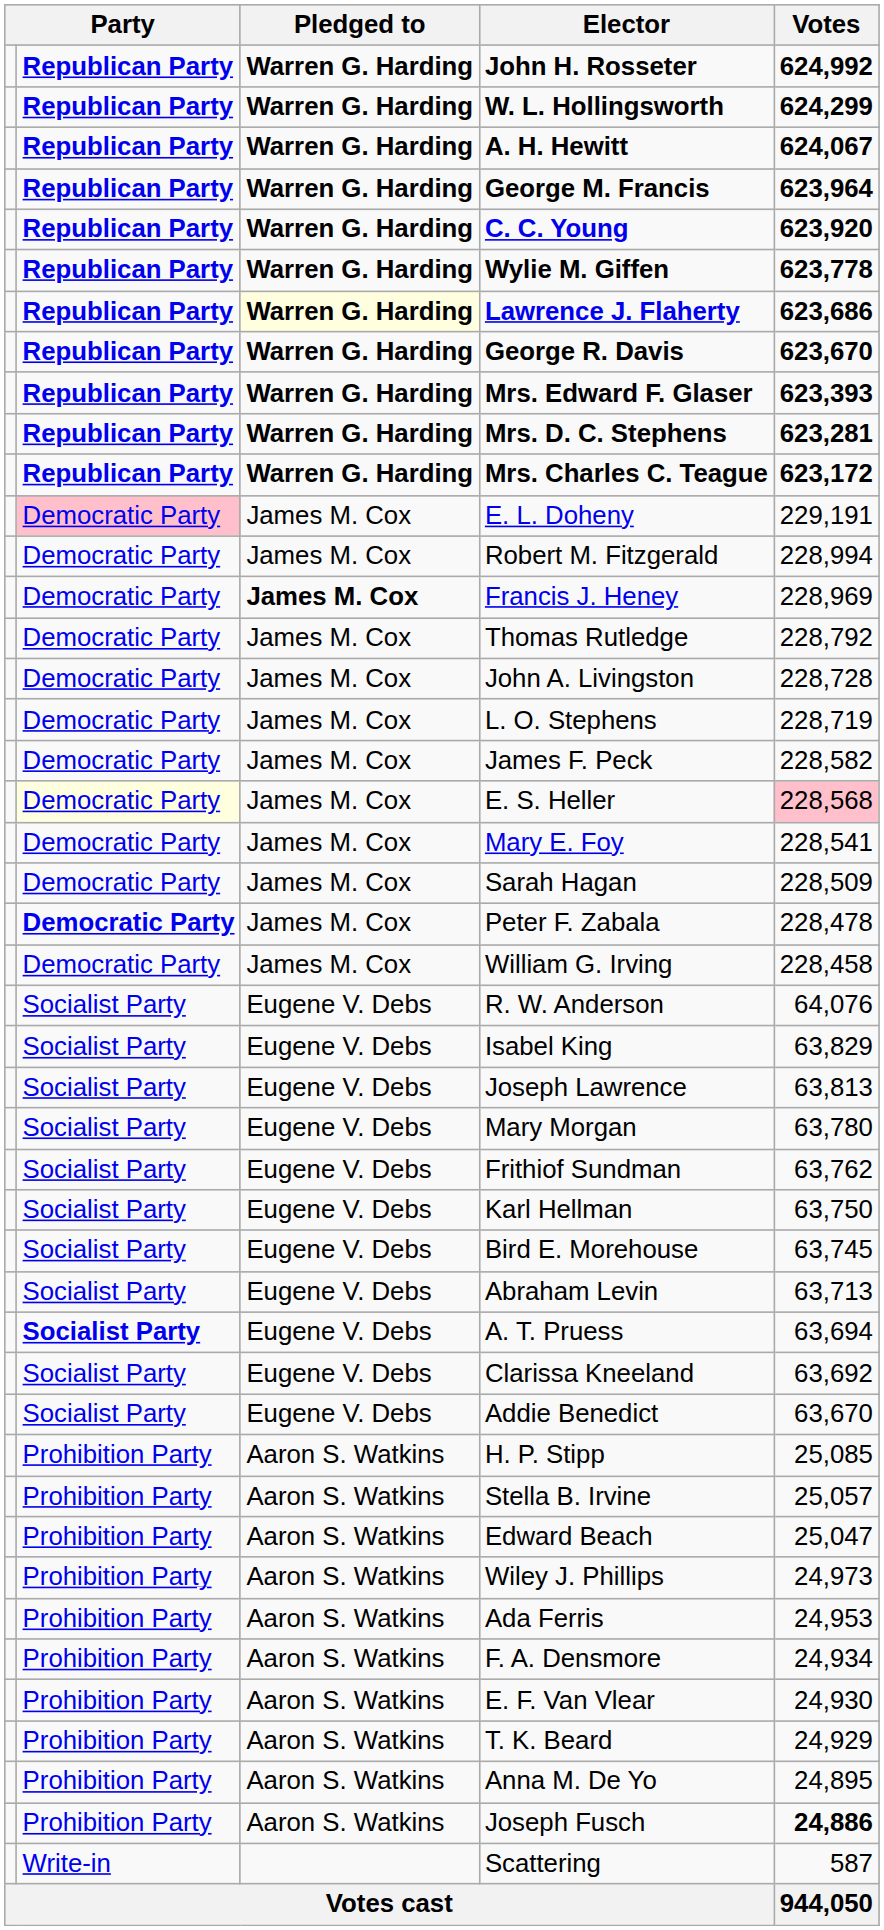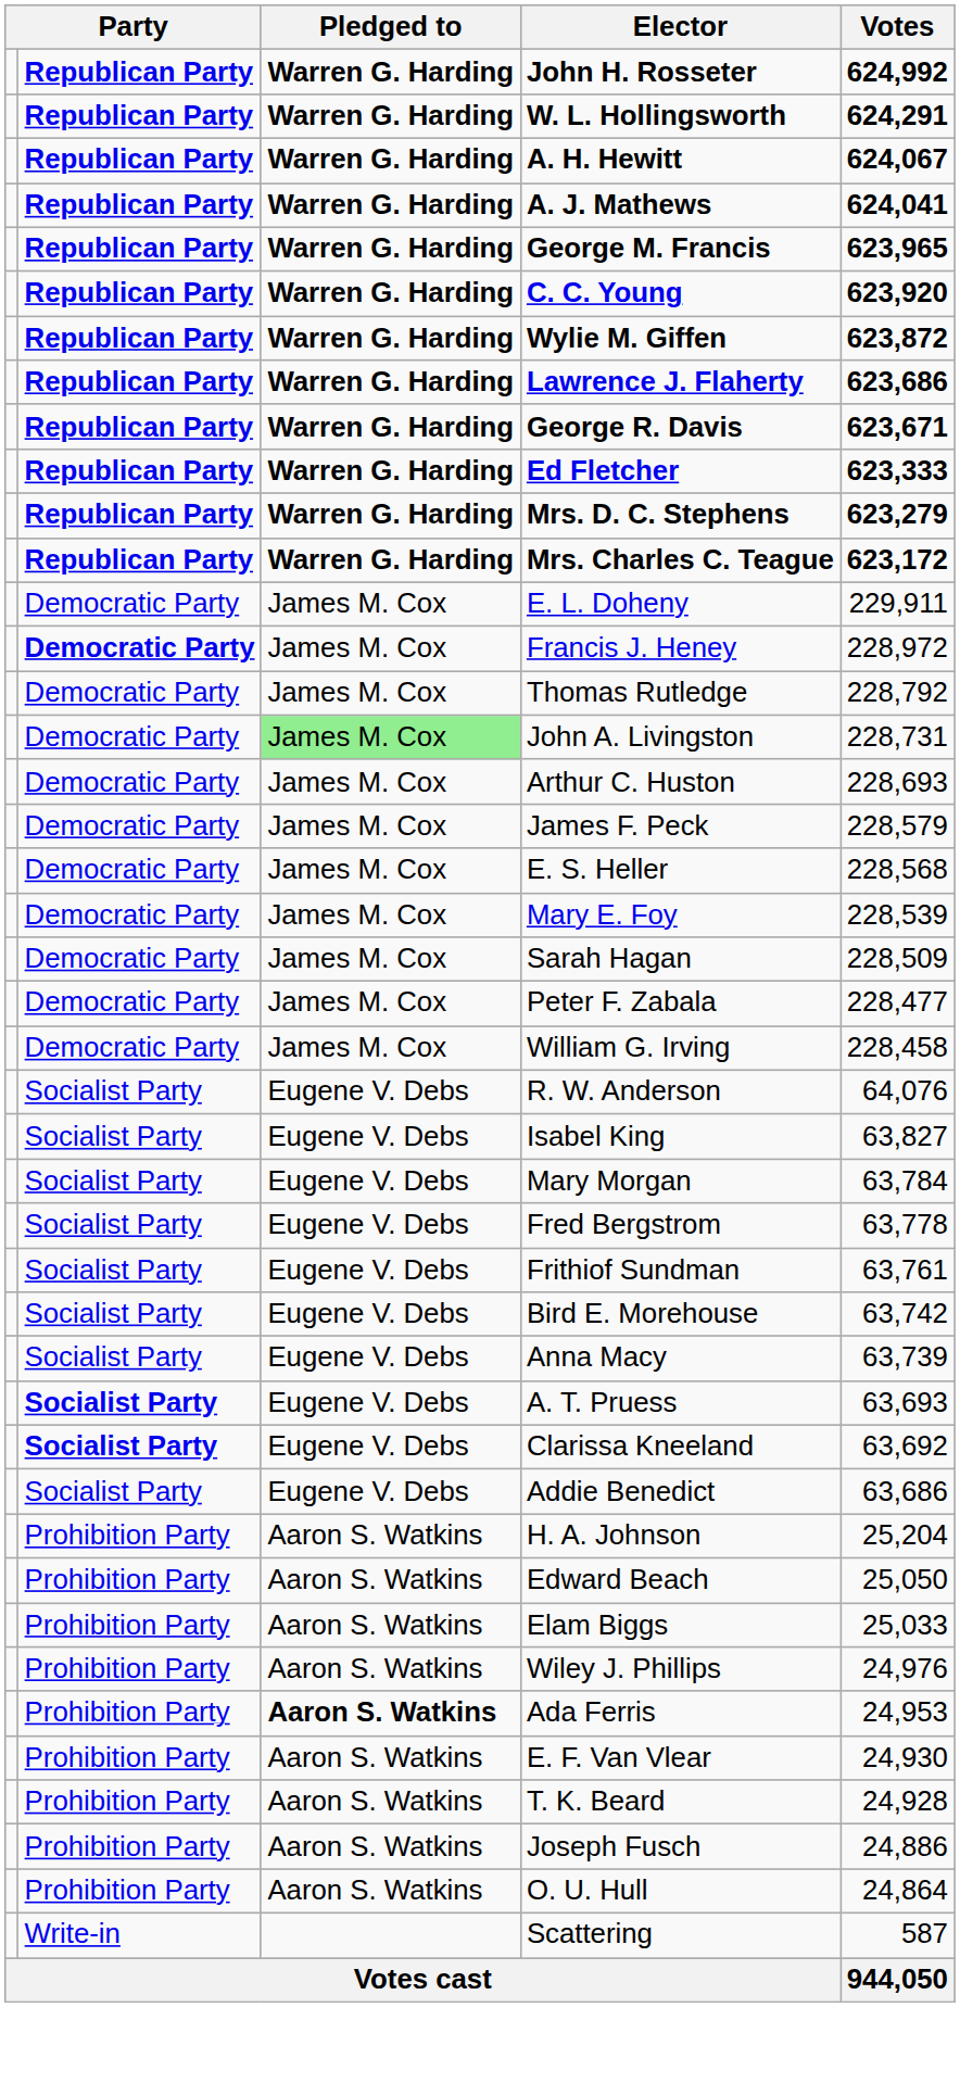 <table class="wikitable">
 <tr>
 <th colspan=2>Party</th>
 <th>Pledged to</th>
 <th>Elector</th>
 <th>Votes</th>
 </tr>
 <tr style="font-weight:bold">
 <td></td>
 <td><a href='#'>Republican Party</a></td>
 <td>Warren G. Harding</td>
 <td>John H. Rosseter</td>
 <td align="right">624,992</td>
 </tr>
 <tr style="font-weight:bold">
 <td></td>
 <td><a href='#'>Republican Party</a></td>
 <td>Warren G. Harding</td>
 <td>W. L. Hollingsworth</td>
-<td align="right">624,299</td>
+<td align="right">624,291</td>
 </tr>
 <tr style="font-weight:bold">
 <td></td>
 <td><a href='#'>Republican Party</a></td>
 <td>Warren G. Harding</td>
 <td>A. H. Hewitt</td>
 <td align="right">624,067</td>
 </tr>
 <tr style="font-weight:bold">
 <td></td>
 <td><a href='#'>Republican Party</a></td>
 <td>Warren G. Harding</td>
+<td>A. J. Mathews</td>
+<td align="right">624,041</td>
+</tr>
+<tr style="font-weight:bold">
+<td></td>
+<td><a href='#'>Republican Party</a></td>
+<td>Warren G. Harding</td>
 <td>George M. Francis</td>
-<td align="right">623,964</td>
+<td align="right">623,965</td>
 </tr>
 <tr style="font-weight:bold">
 <td></td>
 <td><a href='#'>Republican Party</a></td>
 <td>Warren G. Harding</td>
 <td><a href='#'>C. C. Young</a></td>
 <td align="right">623,920</td>
 </tr>
 <tr style="font-weight:bold">
 <td></td>
 <td><a href='#'>Republican Party</a></td>
 <td>Warren G. Harding</td>
 <td>Wylie M. Giffen</td>
-<td align="right">623,778</td>
+<td align="right">623,872</td>
 </tr>
 <tr style="font-weight:bold">
 <td></td>
 <td><a href='#'>Republican Party</a></td>
-<td style="background: lightyellow;">Warren G. Harding</td>
+<td>Warren G. Harding</td>
 <td><a href='#'>Lawrence J. Flaherty</a></td>
 <td align="right">623,686</td>
 </tr>
 <tr style="font-weight:bold">
 <td></td>
 <td><a href='#'>Republican Party</a></td>
 <td>Warren G. Harding</td>
 <td>George R. Davis</td>
-<td align="right">623,670</td>
+<td align="right">623,671</td>
 </tr>
 <tr style="font-weight:bold">
 <td></td>
 <td><a href='#'>Republican Party</a></td>
 <td>Warren G. Harding</td>
-<td>Mrs. Edward F. Glaser</td>
-<td align="right">623,393</td>
+<td><a href='#'>Ed Fletcher</a></td>
+<td align="right">623,333</td>
 </tr>
 <tr style="font-weight:bold">
 <td></td>
 <td><a href='#'>Republican Party</a></td>
 <td>Warren G. Harding</td>
 <td>Mrs. D. C. Stephens</td>
-<td align="right">623,281</td>
+<td align="right">623,279</td>
 </tr>
 <tr style="font-weight:bold">
 <td></td>
 <td><a href='#'>Republican Party</a></td>
 <td>Warren G. Harding</td>
 <td>Mrs. Charles C. Teague</td>
 <td align="right">623,172</td>
 </tr>
 <tr>
 <td bgcolor=></td>
-<td style="background: pink;"><a href='#'>Democratic Party</a></td>
+<td><a href='#'>Democratic Party</a></td>
 <td>James M. Cox</td>
 <td><a href='#'>E. L. Doheny</a></td>
-<td align=right>229,191</td>
+<td align=right>229,911</td>
 </tr>
 <tr>
 <td bgcolor=></td>
-<td><a href='#'>Democratic Party</a></td>
+<td><strong><a href='#'>Democratic Party</a></strong></td>
 <td>James M. Cox</td>
-<td>Robert M. Fitzgerald</td>
-<td align=right>228,994</td>
-</tr>
-<tr>
-<td bgcolor=></td>
-<td><a href='#'>Democratic Party</a></td>
-<td><strong>James M. Cox</strong></td>
 <td><a href='#'>Francis J. Heney</a></td>
-<td align=right>228,969</td>
+<td align=right>228,972</td>
 </tr>
 <tr>
 <td bgcolor=></td>
 <td><a href='#'>Democratic Party</a></td>
 <td>James M. Cox</td>
 <td>Thomas Rutledge</td>
 <td align=right>228,792</td>
 </tr>
 <tr>
 <td bgcolor=></td>
 <td><a href='#'>Democratic Party</a></td>
-<td>James M. Cox</td>
+<td style="background: lightgreen;">James M. Cox</td>
 <td>John A. Livingston</td>
-<td align=right>228,728</td>
+<td align=right>228,731</td>
 </tr>
 <tr>
 <td bgcolor=></td>
 <td><a href='#'>Democratic Party</a></td>
 <td>James M. Cox</td>
-<td>L. O. Stephens</td>
-<td align=right>228,719</td>
+<td>Arthur C. Huston</td>
+<td align=right>228,693</td>
 </tr>
 <tr>
 <td bgcolor=></td>
 <td><a href='#'>Democratic Party</a></td>
 <td>James M. Cox</td>
 <td>James F. Peck</td>
-<td align=right>228,582</td>
+<td align=right>228,579</td>
 </tr>
 <tr>
 <td bgcolor=></td>
-<td style="background: lightyellow;"><a href='#'>Democratic Party</a></td>
+<td><a href='#'>Democratic Party</a></td>
 <td>James M. Cox</td>
 <td>E. S. Heller</td>
-<td align=right style="background: pink;">228,568</td>
+<td align=right>228,568</td>
 </tr>
 <tr>
 <td bgcolor=></td>
 <td><a href='#'>Democratic Party</a></td>
 <td>James M. Cox</td>
 <td><a href='#'>Mary E. Foy</a></td>
-<td align=right>228,541</td>
+<td align=right>228,539</td>
 </tr>
 <tr>
 <td bgcolor=></td>
 <td><a href='#'>Democratic Party</a></td>
 <td>James M. Cox</td>
 <td>Sarah Hagan</td>
 <td align=right>228,509</td>
 </tr>
 <tr>
 <td bgcolor=></td>
-<td><strong><a href='#'>Democratic Party</a></strong></td>
+<td><a href='#'>Democratic Party</a></td>
 <td>James M. Cox</td>
 <td>Peter F. Zabala</td>
-<td align=right>228,478</td>
+<td align=right>228,477</td>
 </tr>
 <tr>
 <td bgcolor=></td>
 <td><a href='#'>Democratic Party</a></td>
 <td>James M. Cox</td>
 <td>William G. Irving</td>
 <td align=right>228,458</td>
 </tr>
 <tr>
 <td bgcolor=></td>
 <td><a href='#'>Socialist Party</a></td>
 <td>Eugene V. Debs</td>
 <td>R. W. Anderson</td>
 <td align="right">64,076</td>
 </tr>
 <tr>
 <td bgcolor=></td>
 <td><a href='#'>Socialist Party</a></td>
 <td>Eugene V. Debs</td>
 <td>Isabel King</td>
-<td align="right">63,829</td>
-</tr>
-<tr>
-<td bgcolor=></td>
-<td><a href='#'>Socialist Party</a></td>
-<td>Eugene V. Debs</td>
-<td>Joseph Lawrence</td>
-<td align="right">63,813</td>
+<td align="right">63,827</td>
 </tr>
 <tr>
 <td bgcolor=></td>
 <td><a href='#'>Socialist Party</a></td>
 <td>Eugene V. Debs</td>
 <td>Mary Morgan</td>
-<td align="right">63,780</td>
+<td align="right">63,784</td>
+</tr>
+<tr>
+<td bgcolor=></td>
+<td><a href='#'>Socialist Party</a></td>
+<td>Eugene V. Debs</td>
+<td>Fred Bergstrom</td>
+<td align="right">63,778</td>
 </tr>
 <tr>
 <td bgcolor=></td>
 <td><a href='#'>Socialist Party</a></td>
 <td>Eugene V. Debs</td>
 <td>Frithiof Sundman</td>
-<td align="right">63,762</td>
-</tr>
-<tr>
-<td bgcolor=></td>
-<td><a href='#'>Socialist Party</a></td>
-<td>Eugene V. Debs</td>
-<td>Karl Hellman</td>
-<td align="right">63,750</td>
+<td align="right">63,761</td>
 </tr>
 <tr>
 <td bgcolor=></td>
 <td><a href='#'>Socialist Party</a></td>
 <td>Eugene V. Debs</td>
 <td>Bird E. Morehouse</td>
-<td align="right">63,745</td>
+<td align="right">63,742</td>
 </tr>
 <tr>
 <td bgcolor=></td>
 <td><a href='#'>Socialist Party</a></td>
 <td>Eugene V. Debs</td>
-<td>Abraham Levin</td>
-<td align="right">63,713</td>
+<td>Anna Macy</td>
+<td align="right">63,739</td>
 </tr>
 <tr>
 <td bgcolor=></td>
 <td><strong><a href='#'>Socialist Party</a></strong></td>
 <td>Eugene V. Debs</td>
 <td>A. T. Pruess</td>
-<td align="right">63,694</td>
+<td align="right">63,693</td>
 </tr>
 <tr>
 <td bgcolor=></td>
-<td><a href='#'>Socialist Party</a></td>
+<td><strong><a href='#'>Socialist Party</a></strong></td>
 <td>Eugene V. Debs</td>
 <td>Clarissa Kneeland</td>
 <td align="right">63,692</td>
 </tr>
 <tr>
 <td bgcolor=></td>
 <td><a href='#'>Socialist Party</a></td>
 <td>Eugene V. Debs</td>
 <td>Addie Benedict</td>
-<td align="right">63,670</td>
+<td align="right">63,686</td>
 </tr>
 <tr>
 <td></td>
 <td><a href='#'>Prohibition Party</a></td>
 <td>Aaron S. Watkins</td>
-<td>H. P. Stipp</td>
-<td align="right">25,085</td>
-</tr>
-<tr>
-<td></td>
-<td><a href='#'>Prohibition Party</a></td>
-<td>Aaron S. Watkins</td>
-<td>Stella B. Irvine</td>
-<td align="right">25,057</td>
+<td>H. A. Johnson</td>
+<td align="right">25,204</td>
 </tr>
 <tr>
 <td></td>
 <td><a href='#'>Prohibition Party</a></td>
 <td>Aaron S. Watkins</td>
 <td>Edward Beach</td>
-<td align="right">25,047</td>
+<td align="right">25,050</td>
+</tr>
+<tr>
+<td></td>
+<td><a href='#'>Prohibition Party</a></td>
+<td>Aaron S. Watkins</td>
+<td>Elam Biggs</td>
+<td align="right">25,033</td>
 </tr>
 <tr>
 <td></td>
 <td><a href='#'>Prohibition Party</a></td>
 <td>Aaron S. Watkins</td>
 <td>Wiley J. Phillips</td>
-<td align="right">24,973</td>
+<td align="right">24,976</td>
 </tr>
 <tr>
 <td></td>
 <td><a href='#'>Prohibition Party</a></td>
-<td>Aaron S. Watkins</td>
+<td><strong>Aaron S. Watkins</strong></td>
 <td>Ada Ferris</td>
 <td align="right">24,953</td>
-</tr>
-<tr>
-<td></td>
-<td><a href='#'>Prohibition Party</a></td>
-<td>Aaron S. Watkins</td>
-<td>F. A. Densmore</td>
-<td align="right">24,934</td>
 </tr>
 <tr>
 <td></td>
 <td><a href='#'>Prohibition Party</a></td>
 <td>Aaron S. Watkins</td>
 <td>E. F. Van Vlear</td>
 <td align="right">24,930</td>
 </tr>
 <tr>
 <td></td>
 <td><a href='#'>Prohibition Party</a></td>
 <td>Aaron S. Watkins</td>
 <td>T. K. Beard</td>
-<td align="right">24,929</td>
-</tr>
-<tr>
-<td></td>
-<td><a href='#'>Prohibition Party</a></td>
-<td>Aaron S. Watkins</td>
-<td>Anna M. De Yo</td>
-<td align="right">24,895</td>
+<td align="right">24,928</td>
 </tr>
 <tr>
 <td></td>
 <td><a href='#'>Prohibition Party</a></td>
 <td>Aaron S. Watkins</td>
 <td>Joseph Fusch</td>
-<td align="right"><strong>24,886</strong></td>
+<td align="right">24,886</td>
+</tr>
+<tr>
+<td></td>
+<td><a href='#'>Prohibition Party</a></td>
+<td>Aaron S. Watkins</td>
+<td>O. U. Hull</td>
+<td align="right">24,864</td>
 </tr>
 <tr>
 <td></td>
 <td><a href='#'>Write-in</a></td>
 <td></td>
 <td>Scattering</td>
 <td align="right">587</td>
 </tr>
 <tr>
 <th colspan="4">Votes cast</th>
 <th>944,050</th>
 </tr>
 </table>
